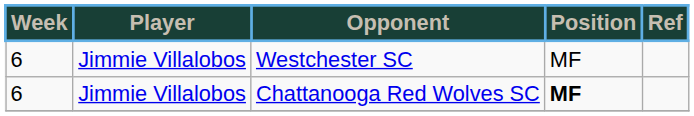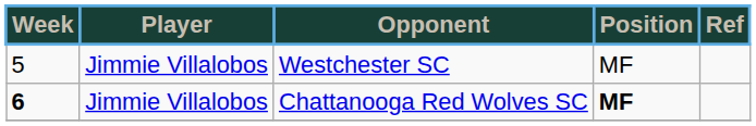 <table class=wikitable>
 <tr>
 <th style="background:#183F36; color:#C6BEB1; border:2px solid #5FAFE4;">Week</th>
 <th style="background:#183F36; color:#C6BEB1; border:2px solid #5FAFE4;">Player</th>
 <th style="background:#183F36; color:#C6BEB1; border:2px solid #5FAFE4;">Opponent</th>
 <th style="background:#183F36; color:#C6BEB1; border:2px solid #5FAFE4;">Position</th>
 <th style="background:#183F36; color:#C6BEB1; border:2px solid #5FAFE4;">Ref</th>
 </tr>
 <tr>
-<td>6</td>
+<td>5</td>
 <td> <a href='#'>Jimmie Villalobos</a></td>
 <td><a href='#'>Westchester SC</a></td>
 <td>MF</td>
 <td></td>
 </tr>
 <tr>
-<td>6</td>
+<td><strong>6</strong></td>
 <td> <a href='#'>Jimmie Villalobos</a></td>
 <td><a href='#'>Chattanooga Red Wolves SC</a></td>
 <td><strong>MF</strong></td>
 <td></td>
 </tr>
 <tr>
 </tr>
 </table>
